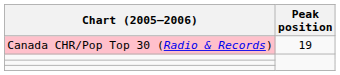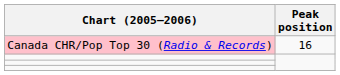 <table class="wikitable sortable">
 <tr>
 <th>Chart (2005–2006)</th>
 <th>Peak<br>position</th>
 </tr>
 <tr>
 <td align="left" style="background: pink;">Canada CHR/Pop Top 30 (<em><a href='#'>Radio & Records</a></em>)</td>
-<td align="center">19</td>
+<td align="center">16</td>
 </tr>
 <tr>
 <td></td>
 </tr>
 <tr>
 <td></td>
 </tr>
 <tr>
 <td></td>
 </tr>
 </table>
